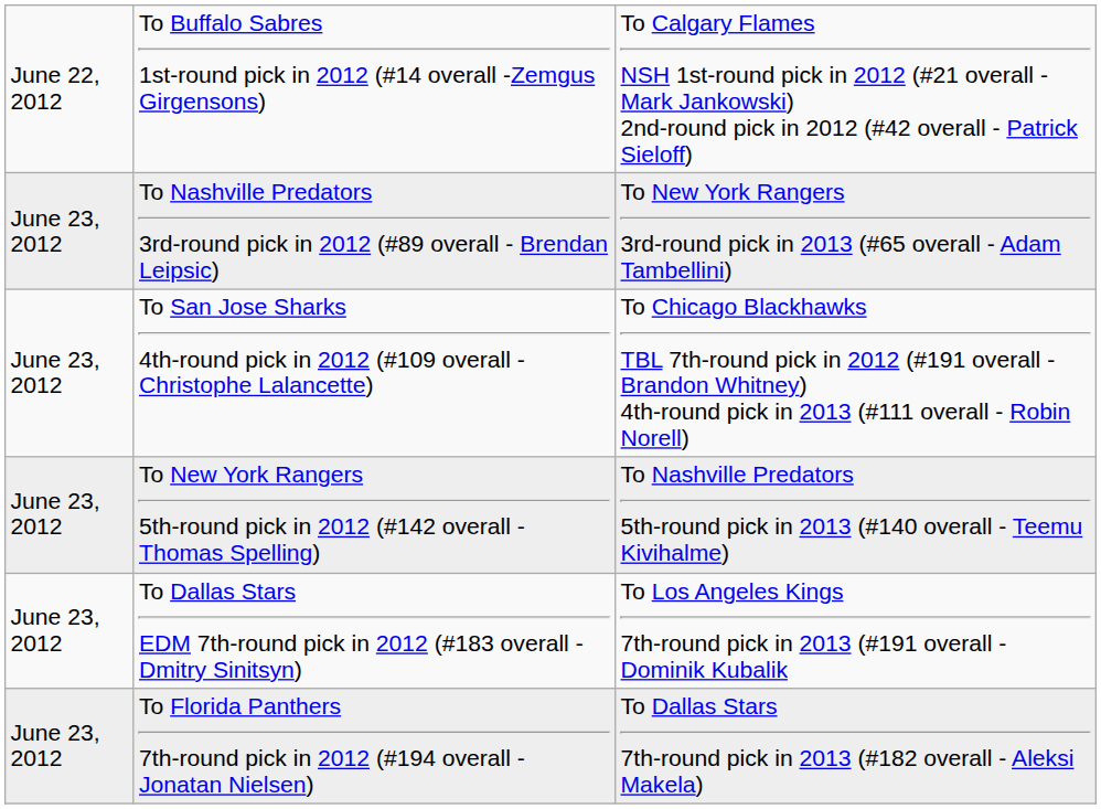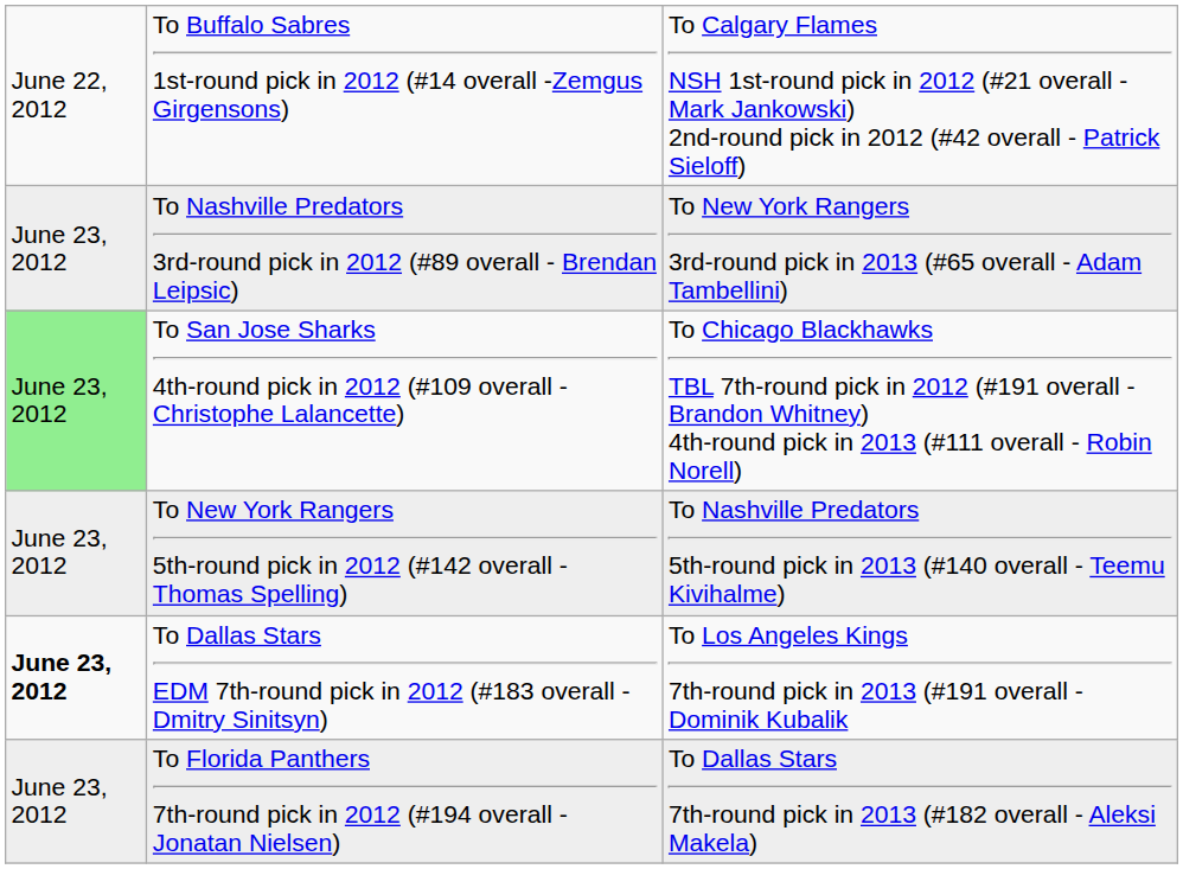 <table class="wikitable" style="border:1px solid #999999; width:750px;">
 <tr>
 <td>June 22, 2012</td>
 <td valign="top">To <a href='#'>Buffalo Sabres</a><hr>1st-round pick in <a href='#'>2012</a> (#14 overall -<a href='#'>Zemgus Girgensons</a>)</td>
 <td valign="top">To <a href='#'>Calgary Flames</a><hr><a href='#'>NSH</a> 1st-round pick in <a href='#'>2012</a> (#21 overall - <a href='#'>Mark Jankowski</a>)<br>2nd-round pick in 2012 (#42 overall - <a href='#'>Patrick Sieloff</a>)</td>
 </tr>
 <tr bgcolor="eeeeee">
 <td>June 23, 2012</td>
 <td valign="top">To <a href='#'>Nashville Predators</a><hr>3rd-round pick in <a href='#'>2012</a> (#89 overall - <a href='#'>Brendan Leipsic</a>)</td>
 <td valign="top">To <a href='#'>New York Rangers</a><hr>3rd-round pick in <a href='#'>2013</a> (#65 overall - <a href='#'>Adam Tambellini</a>)</td>
 </tr>
 <tr>
-<td>June 23, 2012</td>
+<td style="background: lightgreen;">June 23, 2012</td>
 <td valign="top">To <a href='#'>San Jose Sharks</a><hr>4th-round pick in <a href='#'>2012</a> (#109 overall - <a href='#'>Christophe Lalancette</a>)</td>
 <td valign="top">To <a href='#'>Chicago Blackhawks</a><hr><a href='#'>TBL</a> 7th-round pick in <a href='#'>2012</a> (#191 overall - <a href='#'>Brandon Whitney</a>)<br>4th-round pick in <a href='#'>2013</a> (#111 overall - <a href='#'>Robin Norell</a>)</td>
 </tr>
 <tr bgcolor="eeeeee">
 <td>June 23, 2012</td>
 <td valign="top">To <a href='#'>New York Rangers</a><hr>5th-round pick in <a href='#'>2012</a> (#142 overall - <a href='#'>Thomas Spelling</a>)</td>
 <td valign="top">To <a href='#'>Nashville Predators</a><hr>5th-round pick in <a href='#'>2013</a> (#140 overall - <a href='#'>Teemu Kivihalme</a>)</td>
 </tr>
 <tr>
-<td>June 23, 2012</td>
+<td><strong>June 23, 2012</strong></td>
 <td valign="top">To <a href='#'>Dallas Stars</a><hr><a href='#'>EDM</a> 7th-round pick in <a href='#'>2012</a> (#183 overall - <a href='#'>Dmitry Sinitsyn</a>)</td>
 <td valign="top">To <a href='#'>Los Angeles Kings</a><hr>7th-round pick in <a href='#'>2013</a> (#191 overall - <a href='#'>Dominik Kubalik</a></td>
 </tr>
 <tr bgcolor="eeeeee">
 <td>June 23, 2012</td>
 <td valign="top">To <a href='#'>Florida Panthers</a><hr>7th-round pick in <a href='#'>2012</a> (#194 overall - <a href='#'>Jonatan Nielsen</a>)</td>
 <td valign="top">To <a href='#'>Dallas Stars</a><hr>7th-round pick in <a href='#'>2013</a> (#182 overall - <a href='#'>Aleksi Makela</a>)</td>
 </tr>
 </table>
